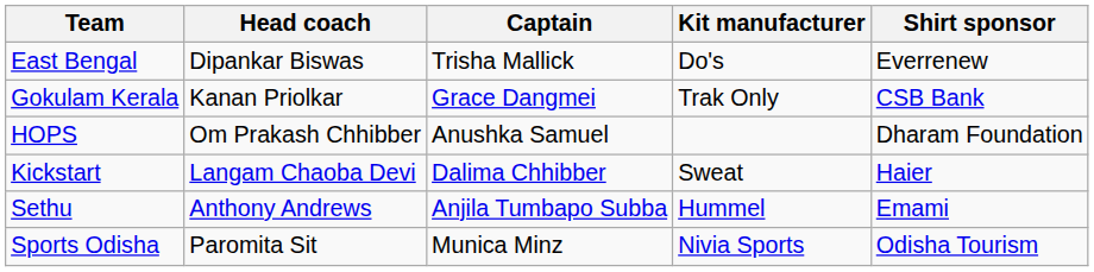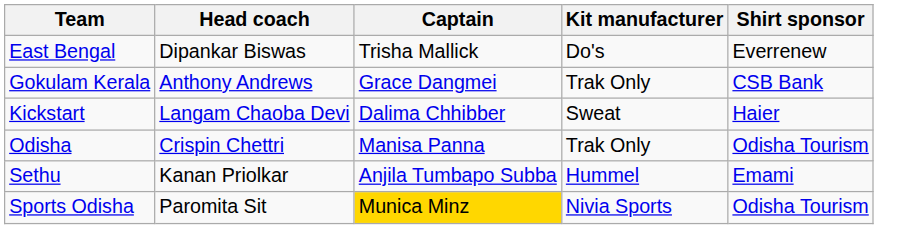 <table class="wikitable sortable" style="text-align: left">
 <tr>
 <th scope=col>Team</th>
 <th scope=col>Head coach</th>
 <th scope=col>Captain</th>
 <th scope=col>Kit manufacturer</th>
 <th scope=col>Shirt sponsor</th>
 </tr>
 <tr>
 <td><a href='#'>East Bengal</a></td>
 <td> Dipankar Biswas</td>
 <td> Trisha Mallick</td>
 <td>Do's</td>
 <td>Everrenew</td>
 </tr>
 <tr>
 <td><a href='#'>Gokulam Kerala</a></td>
-<td> Kanan Priolkar</td>
+<td> <a href='#'>Anthony Andrews</a></td>
 <td> <a href='#'>Grace Dangmei</a></td>
 <td>Trak Only</td>
 <td><a href='#'>CSB Bank</a></td>
-</tr>
-<tr>
-<td><a href='#'>HOPS</a></td>
-<td> Om Prakash Chhibber</td>
-<td> Anushka Samuel</td>
-<td></td>
-<td>Dharam Foundation</td>
 </tr>
 <tr>
 <td><a href='#'>Kickstart</a></td>
 <td> <a href='#'>Langam Chaoba Devi</a></td>
 <td> <a href='#'>Dalima Chhibber</a></td>
 <td>Sweat</td>
 <td><a href='#'>Haier</a></td>
 </tr>
 <tr>
+<td><a href='#'>Odisha</a></td>
+<td> <a href='#'>Crispin Chettri</a></td>
+<td> <a href='#'>Manisa Panna</a></td>
+<td>Trak Only</td>
+<td><a href='#'>Odisha Tourism</a></td>
+</tr>
+<tr>
 <td><a href='#'>Sethu</a></td>
-<td> <a href='#'>Anthony Andrews</a></td>
+<td> Kanan Priolkar</td>
 <td> <a href='#'>Anjila Tumbapo Subba</a></td>
 <td><a href='#'>Hummel</a></td>
 <td><a href='#'>Emami</a></td>
 </tr>
 <tr>
 <td><a href='#'>Sports Odisha</a></td>
 <td> Paromita Sit</td>
-<td> Munica Minz</td>
+<td style="background: gold;"> Munica Minz</td>
 <td><a href='#'>Nivia Sports</a></td>
 <td><a href='#'>Odisha Tourism</a></td>
 </tr>
 </table>
